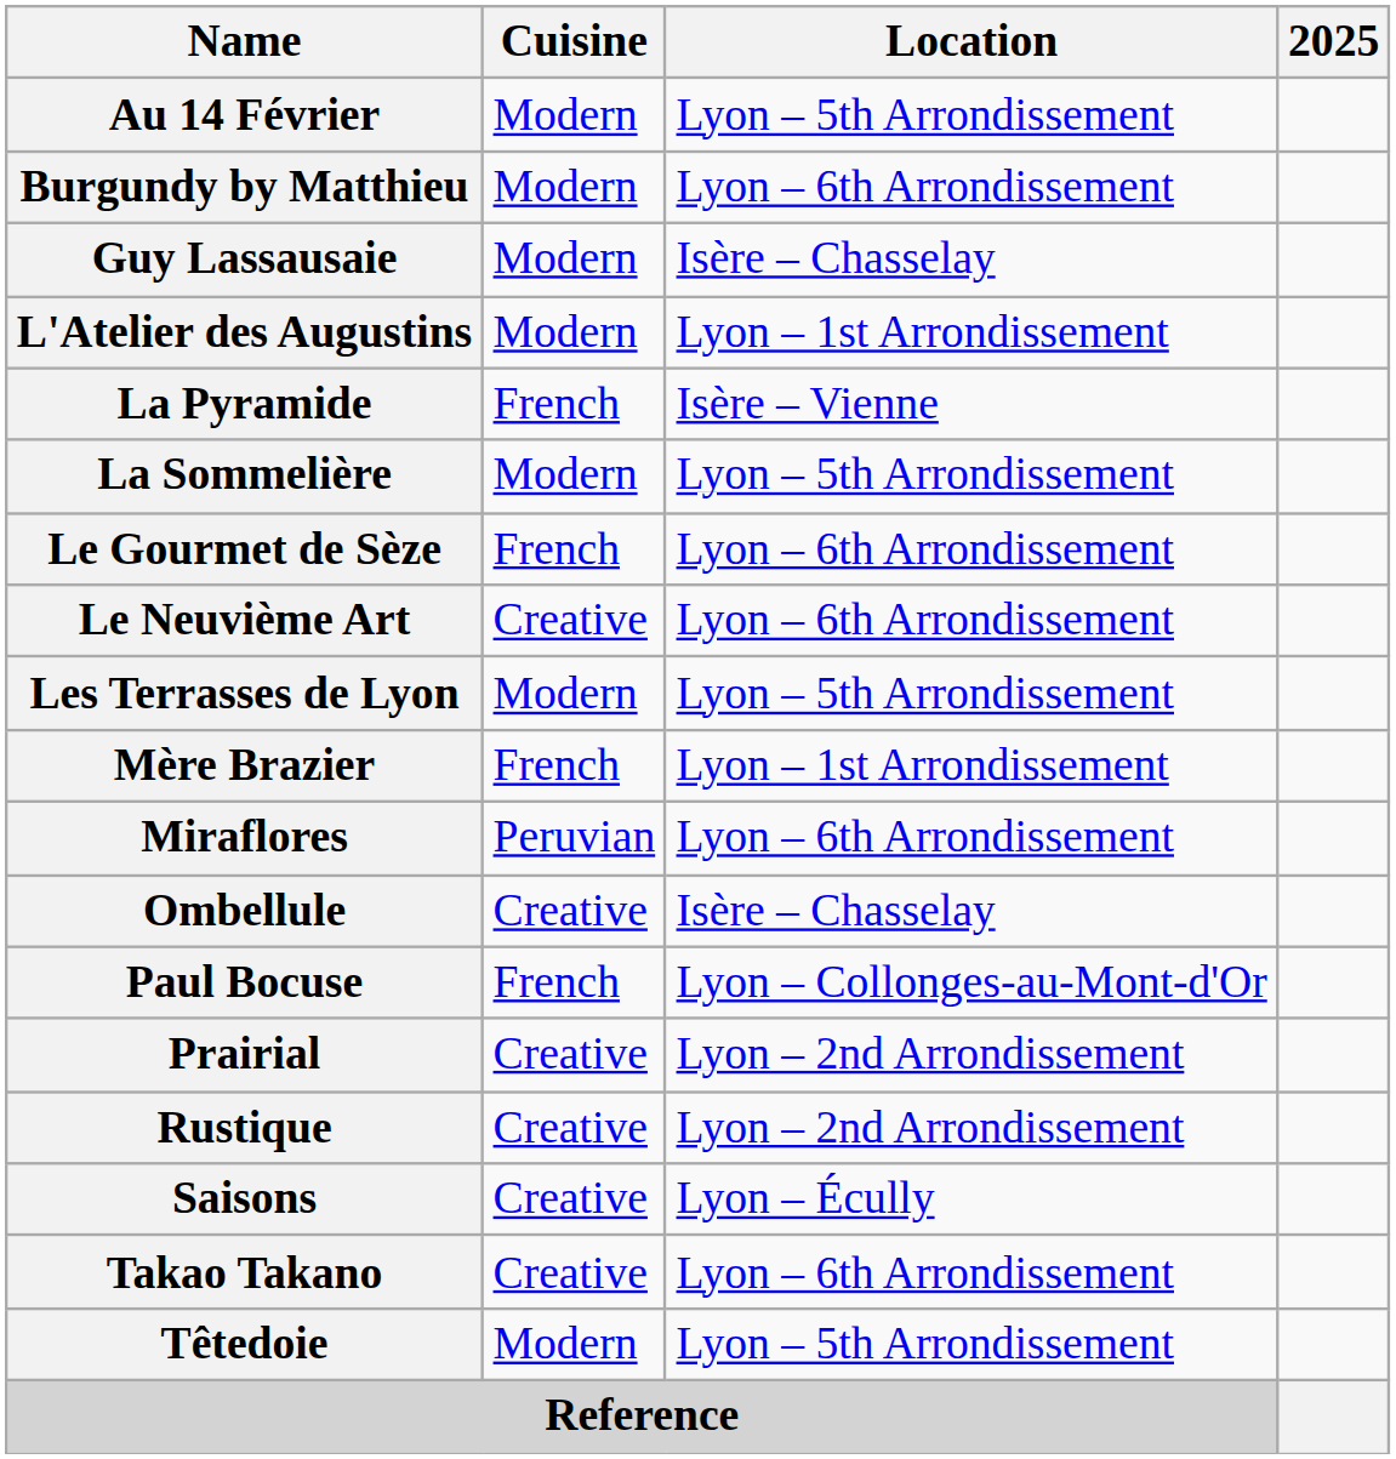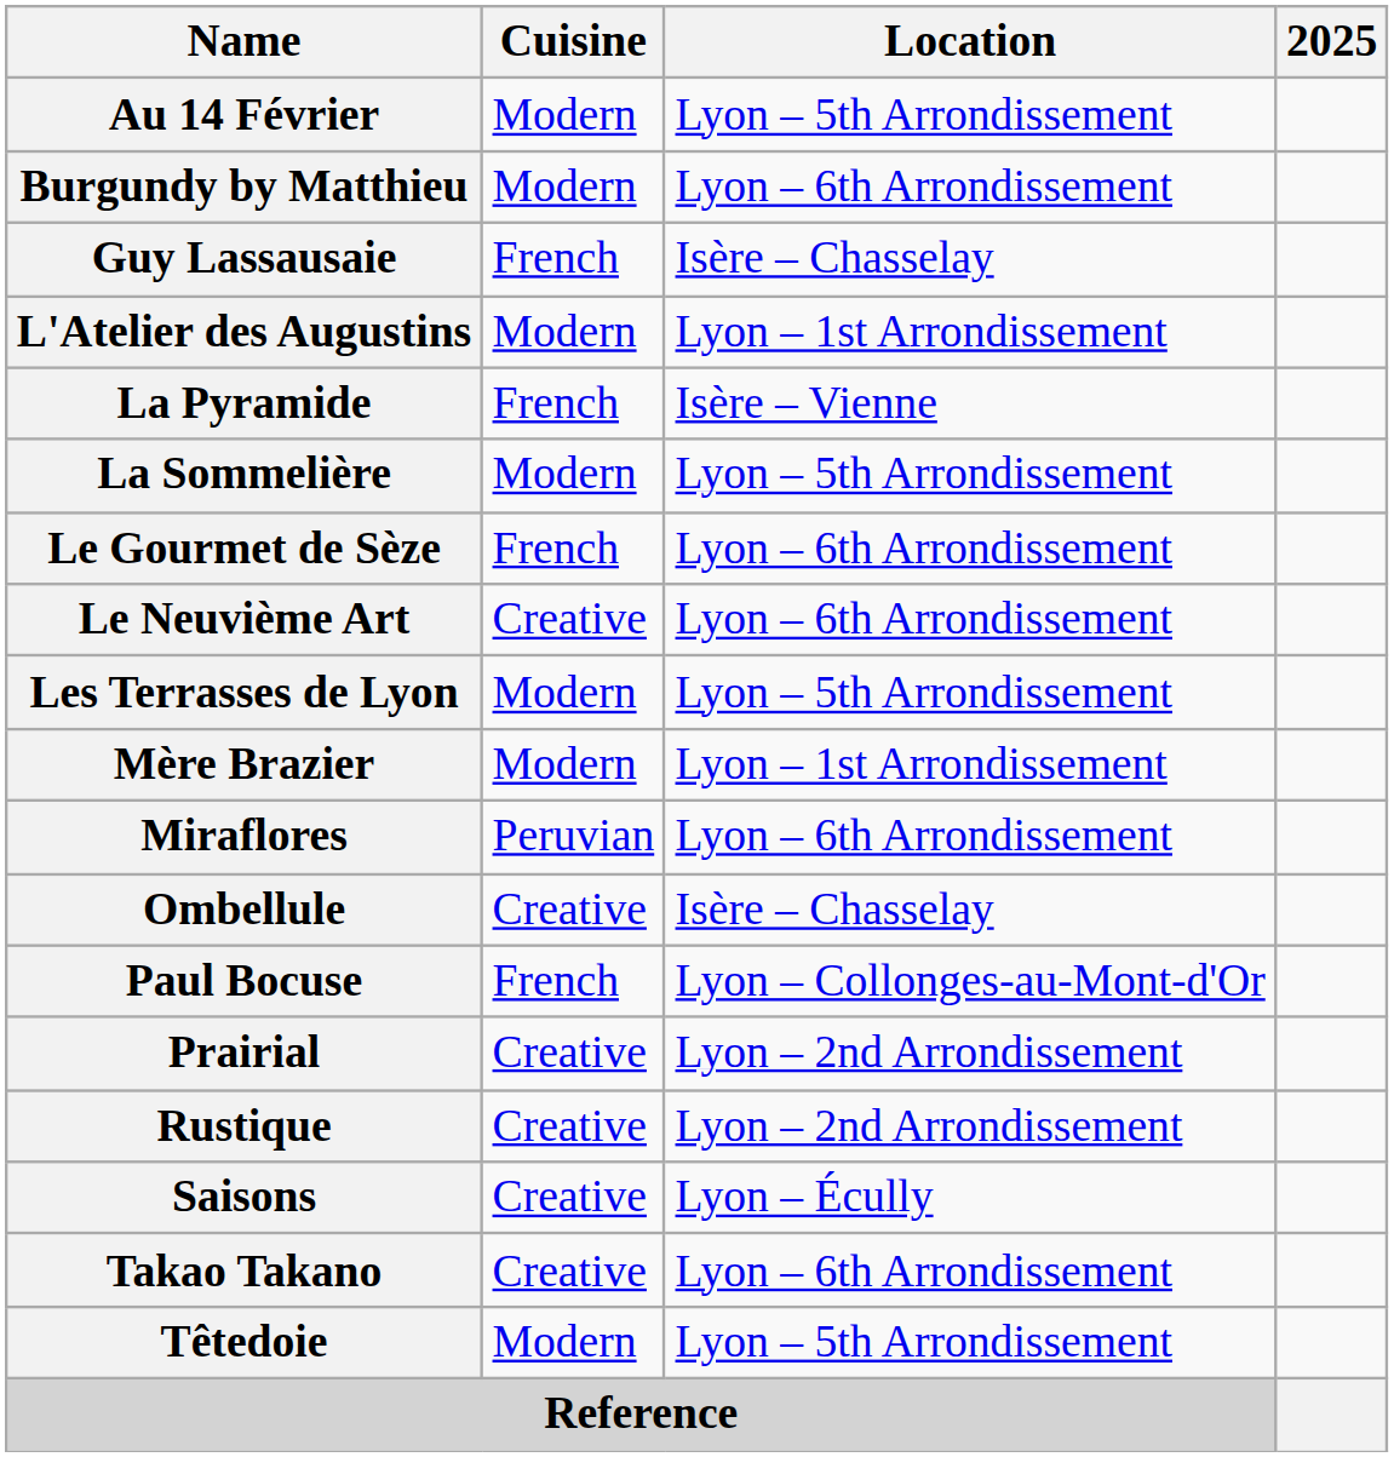 <table class="wikitable sortable plainrowheaders" style="text-align:left;"">
 <tr>
 <th scope="col">Name</th>
 <th scope="col">Cuisine</th>
 <th scope="col">Location</th>
 <th scope="col">2025</th>
 </tr>
 <tr>
 <th scope="row">Au 14 Février</th>
 <td><a href='#'>Modern</a></td>
 <td><a href='#'>Lyon – 5th Arrondissement</a></td>
 <td></td>
 </tr>
 <tr>
 <th scope="row">Burgundy by Matthieu</th>
 <td><a href='#'>Modern</a></td>
 <td><a href='#'>Lyon – 6th Arrondissement</a></td>
 <td></td>
 </tr>
 <tr>
 <th scope="row">Guy Lassausaie</th>
-<td><a href='#'>Modern</a></td>
+<td><a href='#'>French</a></td>
 <td><a href='#'>Isère – Chasselay</a></td>
 <td></td>
 </tr>
 <tr>
 <th scope="row">L'Atelier des Augustins</th>
 <td><a href='#'>Modern</a></td>
 <td><a href='#'>Lyon – 1st Arrondissement</a></td>
 <td></td>
 </tr>
 <tr>
 <th scope="row">La Pyramide</th>
 <td><a href='#'>French</a></td>
 <td><a href='#'>Isère – Vienne</a></td>
 <td></td>
 </tr>
 <tr>
 <th scope="row">La Sommelière</th>
 <td><a href='#'>Modern</a></td>
 <td><a href='#'>Lyon – 5th Arrondissement</a></td>
 <td></td>
 </tr>
 <tr>
 <th scope="row">Le Gourmet de Sèze</th>
 <td><a href='#'>French</a></td>
 <td><a href='#'>Lyon – 6th Arrondissement</a></td>
 <td></td>
 </tr>
 <tr>
 <th scope="row">Le Neuvième Art</th>
 <td><a href='#'>Creative</a></td>
 <td><a href='#'>Lyon – 6th Arrondissement</a></td>
 <td></td>
 </tr>
 <tr>
 <th scope="row">Les Terrasses de Lyon</th>
 <td><a href='#'>Modern</a></td>
 <td><a href='#'>Lyon – 5th Arrondissement</a></td>
 <td></td>
 </tr>
 <tr>
 <th scope="row">Mère Brazier</th>
-<td><a href='#'>French</a></td>
+<td><a href='#'>Modern</a></td>
 <td><a href='#'>Lyon – 1st Arrondissement</a></td>
 <td></td>
 </tr>
 <tr>
 <th scope="row">Miraflores</th>
 <td><a href='#'>Peruvian</a></td>
 <td><a href='#'>Lyon – 6th Arrondissement</a></td>
 <td></td>
 </tr>
 <tr>
 <th scope="row">Ombellule</th>
 <td><a href='#'>Creative</a></td>
 <td><a href='#'>Isère – Chasselay</a></td>
 <td></td>
 </tr>
 <tr>
 <th scope="row">Paul Bocuse</th>
 <td><a href='#'>French</a></td>
 <td><a href='#'>Lyon – Collonges-au-Mont-d'Or</a></td>
 <td></td>
 </tr>
 <tr>
 <th scope="row">Prairial</th>
 <td><a href='#'>Creative</a></td>
 <td><a href='#'>Lyon – 2nd Arrondissement</a></td>
 <td></td>
 </tr>
 <tr>
 <th scope="row">Rustique</th>
 <td><a href='#'>Creative</a></td>
 <td><a href='#'>Lyon – 2nd Arrondissement</a></td>
 <td></td>
 </tr>
 <tr>
 <th scope="row">Saisons</th>
 <td><a href='#'>Creative</a></td>
 <td><a href='#'>Lyon – Écully</a></td>
 <td></td>
 </tr>
 <tr>
 <th scope="row">Takao Takano</th>
 <td><a href='#'>Creative</a></td>
 <td><a href='#'>Lyon – 6th Arrondissement</a></td>
 <td></td>
 </tr>
 <tr>
 <th scope="row">Têtedoie</th>
 <td><a href='#'>Modern</a></td>
 <td><a href='#'>Lyon – 5th Arrondissement</a></td>
 <td></td>
 </tr>
 <tr>
 <th colspan="3" style="text-align: center;background: lightgray;">Reference</th>
 <th></th>
 </tr>
 </table>
